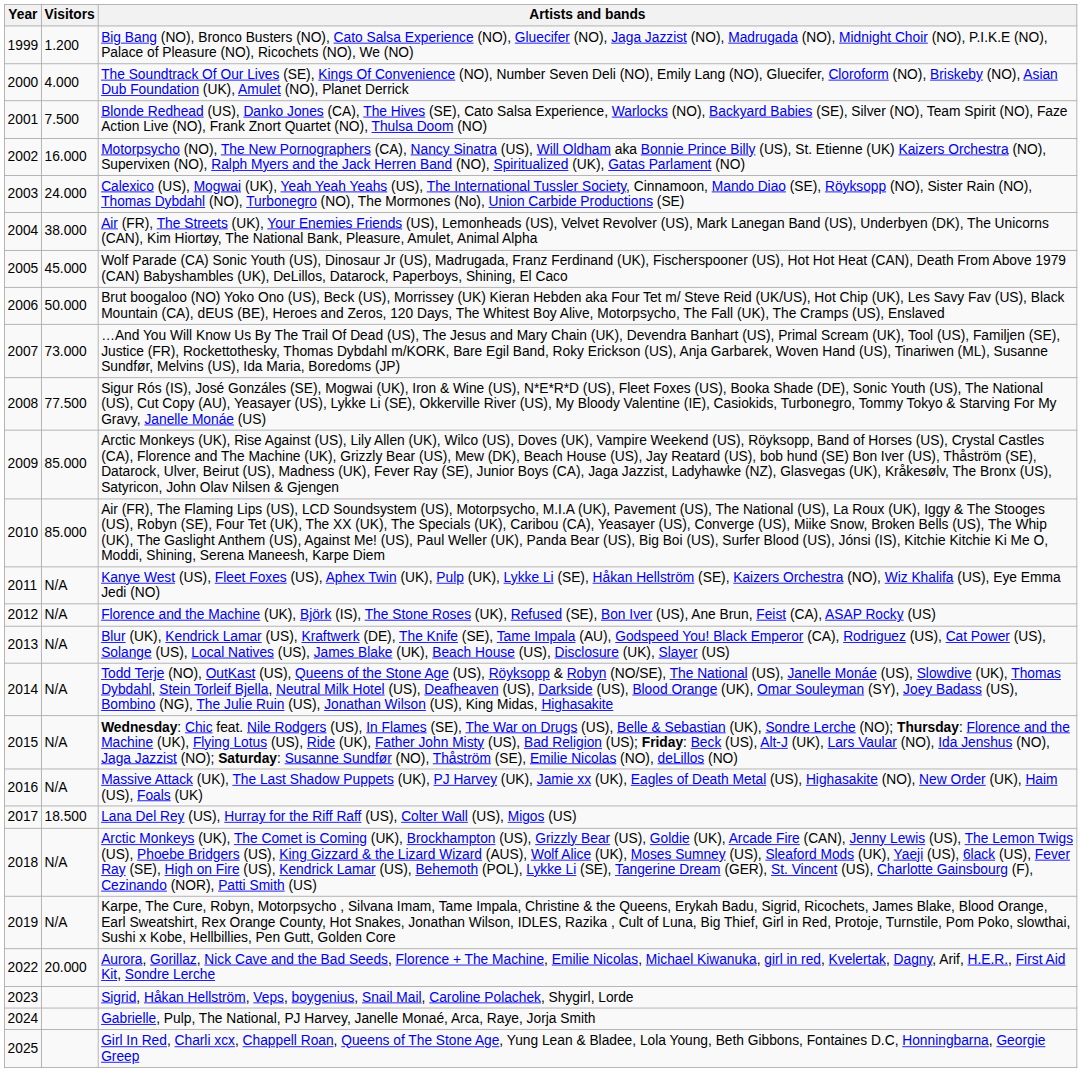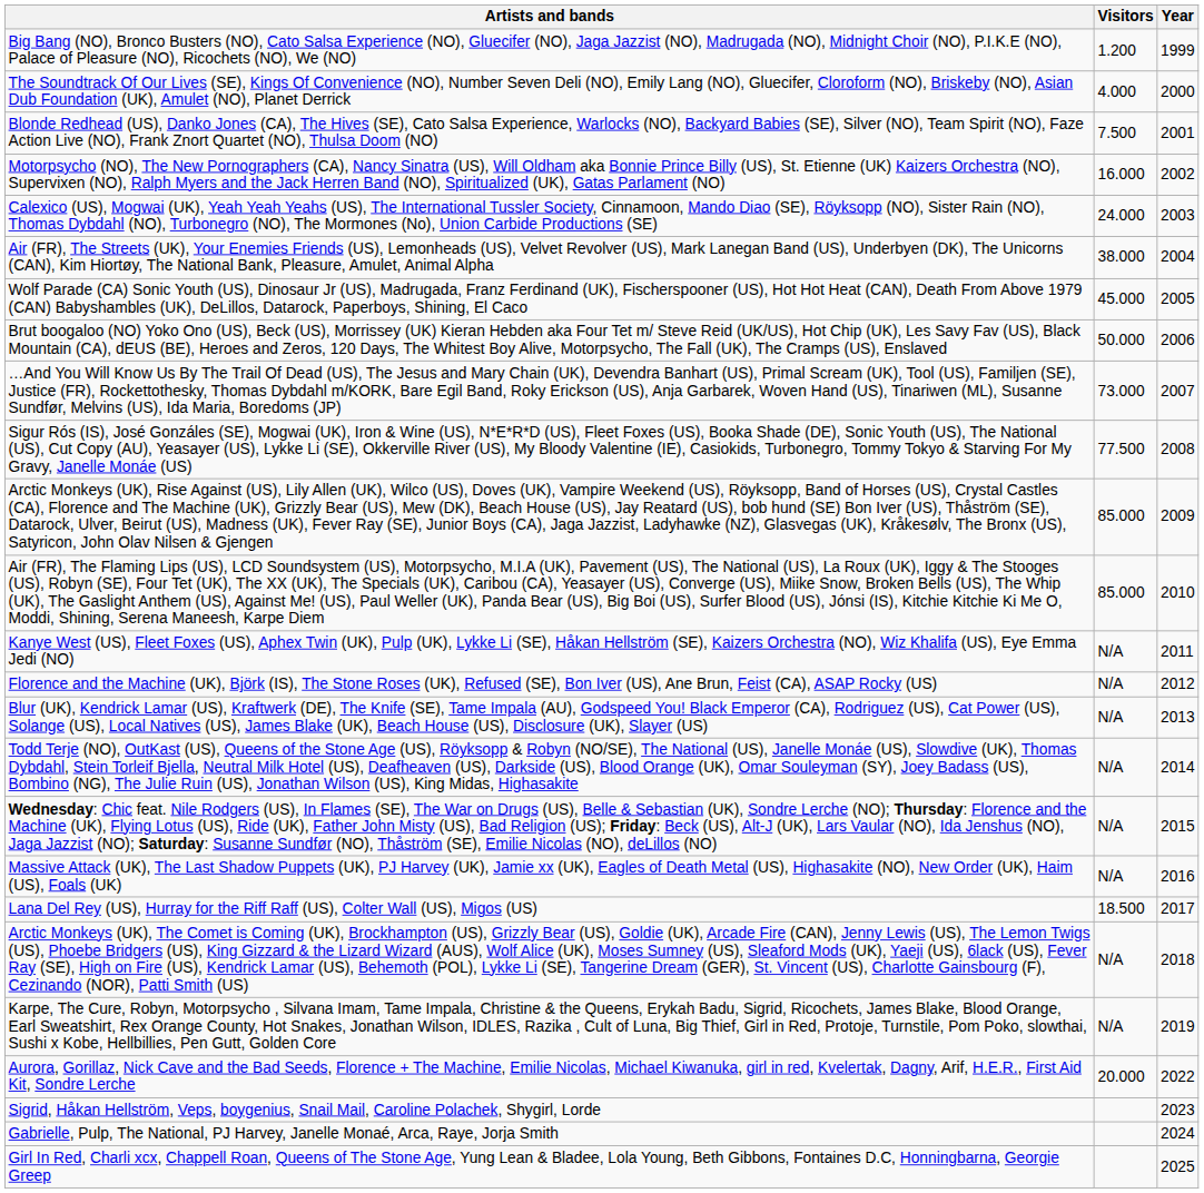 <table class="wikitable sortable">
 <tr>
+<th>Artists and bands</th>
+<th>Visitors</th>
 <th>Year</th>
-<th>Visitors</th>
-<th>Artists and bands</th>
 </tr>
 <tr>
+<td><a href='#'>Big Bang</a> (NO),  Bronco Busters (NO), <a href='#'>Cato Salsa Experience</a> (NO),  <a href='#'>Gluecifer</a> (NO), <a href='#'>Jaga Jazzist</a> (NO),  <a href='#'>Madrugada</a> (NO), <a href='#'>Midnight Choir</a> (NO), P.I.K.E (NO), Palace of Pleasure (NO), Ricochets  (NO), We (NO)</td>
+<td>1.200</td>
 <td>1999</td>
-<td>1.200</td>
-<td><a href='#'>Big Bang</a> (NO),  Bronco Busters (NO), <a href='#'>Cato Salsa Experience</a> (NO),  <a href='#'>Gluecifer</a> (NO), <a href='#'>Jaga Jazzist</a> (NO),  <a href='#'>Madrugada</a> (NO), <a href='#'>Midnight Choir</a> (NO), P.I.K.E (NO), Palace of Pleasure (NO), Ricochets  (NO), We (NO)</td>
 </tr>
 <tr>
+<td><a href='#'>The Soundtrack Of Our Lives</a>  (SE), <a href='#'>Kings Of Convenience</a> (NO), Number Seven Deli (NO), Emily Lang (NO), Gluecifer, <a href='#'>Cloroform</a> (NO), <a href='#'>Briskeby</a> (NO), <a href='#'>Asian Dub Foundation</a> (UK), <a href='#'>Amulet</a> (NO), Planet Derrick</td>
+<td>4.000</td>
 <td>2000</td>
-<td>4.000</td>
-<td><a href='#'>The Soundtrack Of Our Lives</a>  (SE), <a href='#'>Kings Of Convenience</a> (NO), Number Seven Deli (NO), Emily Lang (NO), Gluecifer, <a href='#'>Cloroform</a> (NO), <a href='#'>Briskeby</a> (NO), <a href='#'>Asian Dub Foundation</a> (UK), <a href='#'>Amulet</a> (NO), Planet Derrick</td>
 </tr>
 <tr>
+<td><a href='#'>Blonde Redhead</a> (US), <a href='#'>Danko Jones</a> (CA), <a href='#'>The Hives</a> (SE), Cato Salsa Experience, <a href='#'>Warlocks</a> (NO), <a href='#'>Backyard Babies</a> (SE), Silver (NO), Team Spirit (NO), Faze Action Live (NO), Frank Znort Quartet (NO), <a href='#'>Thulsa Doom</a> (NO)</td>
+<td>7.500</td>
 <td>2001</td>
-<td>7.500</td>
-<td><a href='#'>Blonde Redhead</a> (US), <a href='#'>Danko Jones</a> (CA), <a href='#'>The Hives</a> (SE), Cato Salsa Experience, <a href='#'>Warlocks</a> (NO), <a href='#'>Backyard Babies</a> (SE), Silver (NO), Team Spirit (NO), Faze Action Live (NO), Frank Znort Quartet (NO), <a href='#'>Thulsa Doom</a> (NO)</td>
 </tr>
 <tr>
+<td><a href='#'>Motorpsycho</a> (NO), <a href='#'>The New Pornographers</a> (CA), <a href='#'>Nancy Sinatra</a> (US), <a href='#'>Will Oldham</a> aka <a href='#'>Bonnie Prince Billy</a> (US), St. Etienne (UK) <a href='#'>Kaizers Orchestra</a> (NO), Supervixen (NO), <a href='#'>Ralph Myers and the Jack Herren Band</a> (NO), <a href='#'>Spiritualized</a> (UK), <a href='#'>Gatas Parlament</a> (NO)</td>
+<td>16.000</td>
 <td>2002</td>
-<td>16.000</td>
-<td><a href='#'>Motorpsycho</a> (NO), <a href='#'>The New Pornographers</a> (CA), <a href='#'>Nancy Sinatra</a> (US), <a href='#'>Will Oldham</a> aka <a href='#'>Bonnie Prince Billy</a> (US), St. Etienne (UK) <a href='#'>Kaizers Orchestra</a> (NO), Supervixen (NO), <a href='#'>Ralph Myers and the Jack Herren Band</a> (NO), <a href='#'>Spiritualized</a> (UK), <a href='#'>Gatas Parlament</a> (NO)</td>
 </tr>
 <tr>
+<td><a href='#'>Calexico</a> (US), <a href='#'>Mogwai</a> (UK), <a href='#'>Yeah Yeah Yeahs</a> (US), <a href='#'>The International Tussler Society</a>, Cinnamoon, <a href='#'>Mando Diao</a> (SE), <a href='#'>Röyksopp</a> (NO), Sister Rain (NO), <a href='#'>Thomas Dybdahl</a> (NO), <a href='#'>Turbonegro</a> (NO), The Mormones (No), <a href='#'>Union Carbide Productions</a> (SE)</td>
+<td>24.000</td>
 <td>2003</td>
-<td>24.000</td>
-<td><a href='#'>Calexico</a> (US), <a href='#'>Mogwai</a> (UK), <a href='#'>Yeah Yeah Yeahs</a> (US), <a href='#'>The International Tussler Society</a>, Cinnamoon, <a href='#'>Mando Diao</a> (SE), <a href='#'>Röyksopp</a> (NO), Sister Rain (NO), <a href='#'>Thomas Dybdahl</a> (NO), <a href='#'>Turbonegro</a> (NO), The Mormones (No), <a href='#'>Union Carbide Productions</a> (SE)</td>
 </tr>
 <tr>
+<td><a href='#'>Air</a> (FR), <a href='#'>The Streets</a> (UK), <a href='#'>Your Enemies Friends</a> (US), Lemonheads (US), Velvet Revolver (US), Mark Lanegan Band (US), Underbyen (DK), The Unicorns (CAN), Kim Hiortøy, The National Bank, Pleasure, Amulet, Animal Alpha</td>
+<td>38.000</td>
 <td>2004</td>
-<td>38.000</td>
-<td><a href='#'>Air</a> (FR), <a href='#'>The Streets</a> (UK), <a href='#'>Your Enemies Friends</a> (US), Lemonheads (US), Velvet Revolver (US), Mark Lanegan Band (US), Underbyen (DK), The Unicorns (CAN), Kim Hiortøy, The National Bank, Pleasure, Amulet, Animal Alpha</td>
 </tr>
 <tr>
+<td>Wolf Parade (CA) Sonic Youth (US), Dinosaur Jr (US), Madrugada, Franz Ferdinand (UK), Fischerspooner (US), Hot Hot Heat (CAN), Death From Above 1979 (CAN) Babyshambles (UK), DeLillos, Datarock, Paperboys, Shining, El Caco</td>
+<td>45.000</td>
 <td>2005</td>
-<td>45.000</td>
-<td>Wolf Parade (CA) Sonic Youth (US), Dinosaur Jr (US), Madrugada, Franz Ferdinand (UK), Fischerspooner (US), Hot Hot Heat (CAN), Death From Above 1979 (CAN) Babyshambles (UK), DeLillos, Datarock, Paperboys, Shining, El Caco</td>
 </tr>
 <tr>
+<td>Brut boogaloo (NO)  Yoko Ono (US), Beck (US), Morrissey (UK) Kieran Hebden aka Four Tet m/ Steve Reid (UK/US), Hot Chip (UK), Les Savy Fav (US), Black Mountain (CA), dEUS (BE), Heroes and Zeros, 120 Days, The Whitest Boy Alive, Motorpsycho, The Fall (UK), The Cramps (US), Enslaved</td>
+<td>50.000</td>
 <td>2006</td>
-<td>50.000</td>
-<td>Brut boogaloo (NO)  Yoko Ono (US), Beck (US), Morrissey (UK) Kieran Hebden aka Four Tet m/ Steve Reid (UK/US), Hot Chip (UK), Les Savy Fav (US), Black Mountain (CA), dEUS (BE), Heroes and Zeros, 120 Days, The Whitest Boy Alive, Motorpsycho, The Fall (UK), The Cramps (US), Enslaved</td>
 </tr>
 <tr>
+<td>…And You Will Know Us By The Trail Of Dead (US), The Jesus and Mary Chain (UK), Devendra Banhart (US), Primal Scream (UK), Tool (US), Familjen (SE), Justice (FR), Rockettothesky, Thomas Dybdahl m/KORK, Bare Egil Band, Roky Erickson (US), Anja Garbarek, Woven Hand (US), Tinariwen (ML), Susanne Sundfør, Melvins (US), Ida Maria, Boredoms (JP)</td>
+<td>73.000</td>
 <td>2007</td>
-<td>73.000</td>
-<td>…And You Will Know Us By The Trail Of Dead (US), The Jesus and Mary Chain (UK), Devendra Banhart (US), Primal Scream (UK), Tool (US), Familjen (SE), Justice (FR), Rockettothesky, Thomas Dybdahl m/KORK, Bare Egil Band, Roky Erickson (US), Anja Garbarek, Woven Hand (US), Tinariwen (ML), Susanne Sundfør, Melvins (US), Ida Maria, Boredoms (JP)</td>
 </tr>
 <tr>
+<td>Sigur Rós (IS), José Gonzáles (SE), Mogwai (UK), Iron & Wine (US), N*E*R*D (US), Fleet Foxes (US), Booka Shade (DE), Sonic Youth (US), The National (US), Cut Copy (AU), Yeasayer (US), Lykke Li (SE), Okkerville River (US), My Bloody Valentine (IE), Casiokids, Turbonegro, Tommy Tokyo & Starving For My Gravy, <a href='#'>Janelle Monáe</a> (US)</td>
+<td>77.500</td>
 <td>2008</td>
-<td>77.500</td>
-<td>Sigur Rós (IS), José Gonzáles (SE), Mogwai (UK), Iron & Wine (US), N*E*R*D (US), Fleet Foxes (US), Booka Shade (DE), Sonic Youth (US), The National (US), Cut Copy (AU), Yeasayer (US), Lykke Li (SE), Okkerville River (US), My Bloody Valentine (IE), Casiokids, Turbonegro, Tommy Tokyo & Starving For My Gravy, <a href='#'>Janelle Monáe</a> (US)</td>
 </tr>
 <tr>
+<td>Arctic Monkeys (UK), Rise Against (US), Lily Allen (UK), Wilco (US), Doves (UK), Vampire Weekend (US), Röyksopp, Band of Horses (US), Crystal Castles (CA), Florence and The Machine (UK), Grizzly Bear (US), Mew (DK), Beach House (US), Jay Reatard (US), bob hund (SE) Bon Iver (US), Thåström (SE), Datarock, Ulver, Beirut (US), Madness (UK), Fever Ray (SE), Junior Boys (CA), Jaga Jazzist, Ladyhawke (NZ), Glasvegas (UK), Kråkesølv, The Bronx (US), Satyricon, John Olav Nilsen & Gjengen</td>
+<td>85.000</td>
 <td>2009</td>
-<td>85.000</td>
-<td>Arctic Monkeys (UK), Rise Against (US), Lily Allen (UK), Wilco (US), Doves (UK), Vampire Weekend (US), Röyksopp, Band of Horses (US), Crystal Castles (CA), Florence and The Machine (UK), Grizzly Bear (US), Mew (DK), Beach House (US), Jay Reatard (US), bob hund (SE) Bon Iver (US), Thåström (SE), Datarock, Ulver, Beirut (US), Madness (UK), Fever Ray (SE), Junior Boys (CA), Jaga Jazzist, Ladyhawke (NZ), Glasvegas (UK), Kråkesølv, The Bronx (US), Satyricon, John Olav Nilsen & Gjengen</td>
 </tr>
 <tr>
+<td>Air (FR), The Flaming Lips (US), LCD Soundsystem (US), Motorpsycho, M.I.A (UK), Pavement (US), The National (US), La Roux (UK), Iggy & The Stooges (US), Robyn (SE), Four Tet (UK), The XX (UK), The Specials (UK), Caribou (CA), Yeasayer (US), Converge (US), Miike Snow, Broken Bells (US), The Whip (UK), The Gaslight Anthem (US), Against Me! (US), Paul Weller (UK), Panda Bear (US), Big Boi (US), Surfer Blood (US), Jónsi (IS), Kitchie Kitchie Ki Me O, Moddi, Shining, Serena Maneesh, Karpe Diem</td>
+<td>85.000</td>
 <td>2010</td>
-<td>85.000</td>
-<td>Air (FR), The Flaming Lips (US), LCD Soundsystem (US), Motorpsycho, M.I.A (UK), Pavement (US), The National (US), La Roux (UK), Iggy & The Stooges (US), Robyn (SE), Four Tet (UK), The XX (UK), The Specials (UK), Caribou (CA), Yeasayer (US), Converge (US), Miike Snow, Broken Bells (US), The Whip (UK), The Gaslight Anthem (US), Against Me! (US), Paul Weller (UK), Panda Bear (US), Big Boi (US), Surfer Blood (US), Jónsi (IS), Kitchie Kitchie Ki Me O, Moddi, Shining, Serena Maneesh, Karpe Diem</td>
 </tr>
 <tr>
+<td><a href='#'>Kanye West</a> (US), <a href='#'>Fleet Foxes</a> (US), <a href='#'>Aphex Twin</a> (UK), <a href='#'>Pulp</a> (UK), <a href='#'>Lykke Li</a> (SE), <a href='#'>Håkan Hellström</a> (SE), <a href='#'>Kaizers Orchestra</a> (NO), <a href='#'>Wiz Khalifa</a> (US), Eye Emma Jedi (NO)</td>
+<td>N/A</td>
 <td>2011</td>
-<td>N/A</td>
-<td><a href='#'>Kanye West</a> (US), <a href='#'>Fleet Foxes</a> (US), <a href='#'>Aphex Twin</a> (UK), <a href='#'>Pulp</a> (UK), <a href='#'>Lykke Li</a> (SE), <a href='#'>Håkan Hellström</a> (SE), <a href='#'>Kaizers Orchestra</a> (NO), <a href='#'>Wiz Khalifa</a> (US), Eye Emma Jedi (NO)</td>
 </tr>
 <tr>
+<td><a href='#'>Florence and the Machine</a> (UK), <a href='#'>Björk</a> (IS), <a href='#'>The Stone Roses</a> (UK), <a href='#'>Refused</a> (SE), <a href='#'>Bon Iver</a> (US), Ane Brun, <a href='#'>Feist</a> (CA), <a href='#'>ASAP Rocky</a> (US)</td>
+<td>N/A</td>
 <td>2012</td>
-<td>N/A</td>
-<td><a href='#'>Florence and the Machine</a> (UK), <a href='#'>Björk</a> (IS), <a href='#'>The Stone Roses</a> (UK), <a href='#'>Refused</a> (SE), <a href='#'>Bon Iver</a> (US), Ane Brun, <a href='#'>Feist</a> (CA), <a href='#'>ASAP Rocky</a> (US)</td>
 </tr>
 <tr>
+<td><a href='#'>Blur</a> (UK), <a href='#'>Kendrick Lamar</a> (US), <a href='#'>Kraftwerk</a> (DE), <a href='#'>The Knife</a> (SE), <a href='#'>Tame Impala</a> (AU), <a href='#'>Godspeed You! Black Emperor</a> (CA), <a href='#'>Rodriguez</a> (US), <a href='#'>Cat Power</a> (US), <a href='#'>Solange</a> (US), <a href='#'>Local Natives</a> (US), <a href='#'>James Blake</a> (UK), <a href='#'>Beach House</a> (US), <a href='#'>Disclosure</a> (UK), <a href='#'>Slayer</a> (US)</td>
+<td>N/A</td>
 <td>2013</td>
-<td>N/A</td>
-<td><a href='#'>Blur</a> (UK), <a href='#'>Kendrick Lamar</a> (US), <a href='#'>Kraftwerk</a> (DE), <a href='#'>The Knife</a> (SE), <a href='#'>Tame Impala</a> (AU), <a href='#'>Godspeed You! Black Emperor</a> (CA), <a href='#'>Rodriguez</a> (US), <a href='#'>Cat Power</a> (US), <a href='#'>Solange</a> (US), <a href='#'>Local Natives</a> (US), <a href='#'>James Blake</a> (UK), <a href='#'>Beach House</a> (US), <a href='#'>Disclosure</a> (UK), <a href='#'>Slayer</a> (US)</td>
 </tr>
 <tr>
+<td><a href='#'>Todd Terje</a> (NO), <a href='#'>OutKast</a> (US), <a href='#'>Queens of the Stone Age</a> (US), <a href='#'>Röyksopp</a> & <a href='#'>Robyn</a> (NO/SE), <a href='#'>The National</a> (US), <a href='#'>Janelle Monáe</a> (US), <a href='#'>Slowdive</a> (UK), <a href='#'>Thomas Dybdahl</a>, <a href='#'>Stein Torleif Bjella</a>, <a href='#'>Neutral Milk Hotel</a> (US), <a href='#'>Deafheaven</a> (US), <a href='#'>Darkside</a> (US), <a href='#'>Blood Orange</a> (UK), <a href='#'>Omar Souleyman</a> (SY), <a href='#'>Joey Badass</a> (US), <a href='#'>Bombino</a> (NG), <a href='#'>The Julie Ruin</a> (US), <a href='#'>Jonathan Wilson</a> (US), King Midas, <a href='#'>Highasakite</a></td>
+<td>N/A</td>
 <td>2014</td>
-<td>N/A</td>
-<td><a href='#'>Todd Terje</a> (NO), <a href='#'>OutKast</a> (US), <a href='#'>Queens of the Stone Age</a> (US), <a href='#'>Röyksopp</a> & <a href='#'>Robyn</a> (NO/SE), <a href='#'>The National</a> (US), <a href='#'>Janelle Monáe</a> (US), <a href='#'>Slowdive</a> (UK), <a href='#'>Thomas Dybdahl</a>, <a href='#'>Stein Torleif Bjella</a>, <a href='#'>Neutral Milk Hotel</a> (US), <a href='#'>Deafheaven</a> (US), <a href='#'>Darkside</a> (US), <a href='#'>Blood Orange</a> (UK), <a href='#'>Omar Souleyman</a> (SY), <a href='#'>Joey Badass</a> (US), <a href='#'>Bombino</a> (NG), <a href='#'>The Julie Ruin</a> (US), <a href='#'>Jonathan Wilson</a> (US), King Midas, <a href='#'>Highasakite</a></td>
 </tr>
 <tr>
+<td><strong>Wednesday</strong>: <a href='#'>Chic</a> feat. <a href='#'>Nile Rodgers</a> (US), <a href='#'>In Flames</a> (SE), <a href='#'>The War on Drugs</a> (US), <a href='#'>Belle & Sebastian</a> (UK), <a href='#'>Sondre Lerche</a> (NO); <strong>Thursday</strong>: <a href='#'>Florence and the Machine</a> (UK), <a href='#'>Flying Lotus</a> (US), <a href='#'>Ride</a> (UK), <a href='#'>Father John Misty</a> (US), <a href='#'>Bad Religion</a> (US); <strong>Friday</strong>: <a href='#'>Beck</a> (US), <a href='#'>Alt-J</a> (UK), <a href='#'>Lars Vaular</a> (NO), <a href='#'>Ida Jenshus</a> (NO), <a href='#'>Jaga Jazzist</a> (NO); <strong>Saturday</strong>: <a href='#'>Susanne Sundfør</a> (NO), <a href='#'>Thåström</a> (SE), <a href='#'>Emilie Nicolas</a> (NO), <a href='#'>deLillos</a> (NO)</td>
+<td>N/A</td>
 <td>2015</td>
-<td>N/A</td>
-<td><strong>Wednesday</strong>: <a href='#'>Chic</a> feat. <a href='#'>Nile Rodgers</a> (US), <a href='#'>In Flames</a> (SE), <a href='#'>The War on Drugs</a> (US), <a href='#'>Belle & Sebastian</a> (UK), <a href='#'>Sondre Lerche</a> (NO); <strong>Thursday</strong>: <a href='#'>Florence and the Machine</a> (UK), <a href='#'>Flying Lotus</a> (US), <a href='#'>Ride</a> (UK), <a href='#'>Father John Misty</a> (US), <a href='#'>Bad Religion</a> (US); <strong>Friday</strong>: <a href='#'>Beck</a> (US), <a href='#'>Alt-J</a> (UK), <a href='#'>Lars Vaular</a> (NO), <a href='#'>Ida Jenshus</a> (NO), <a href='#'>Jaga Jazzist</a> (NO); <strong>Saturday</strong>: <a href='#'>Susanne Sundfør</a> (NO), <a href='#'>Thåström</a> (SE), <a href='#'>Emilie Nicolas</a> (NO), <a href='#'>deLillos</a> (NO)</td>
 </tr>
 <tr>
+<td><a href='#'>Massive Attack</a> (UK), <a href='#'>The Last Shadow Puppets</a> (UK), <a href='#'>PJ Harvey</a> (UK), <a href='#'>Jamie xx</a> (UK), <a href='#'>Eagles of Death Metal</a> (US), <a href='#'>Highasakite</a> (NO), <a href='#'>New Order</a> (UK), <a href='#'>Haim</a> (US), <a href='#'>Foals</a> (UK)</td>
+<td>N/A</td>
 <td>2016</td>
-<td>N/A</td>
-<td><a href='#'>Massive Attack</a> (UK), <a href='#'>The Last Shadow Puppets</a> (UK), <a href='#'>PJ Harvey</a> (UK), <a href='#'>Jamie xx</a> (UK), <a href='#'>Eagles of Death Metal</a> (US), <a href='#'>Highasakite</a> (NO), <a href='#'>New Order</a> (UK), <a href='#'>Haim</a> (US), <a href='#'>Foals</a> (UK)</td>
 </tr>
 <tr>
+<td><a href='#'>Lana Del Rey</a> (US), <a href='#'>Hurray for the Riff Raff</a> (US), <a href='#'>Colter Wall</a> (US), <a href='#'>Migos</a> (US)</td>
+<td>18.500</td>
 <td>2017</td>
-<td>18.500</td>
-<td><a href='#'>Lana Del Rey</a> (US), <a href='#'>Hurray for the Riff Raff</a> (US), <a href='#'>Colter Wall</a> (US), <a href='#'>Migos</a> (US)</td>
 </tr>
 <tr>
+<td><a href='#'>Arctic Monkeys</a> (UK), <a href='#'>The Comet is Coming</a> (UK), <a href='#'>Brockhampton</a> (US), <a href='#'>Grizzly Bear</a> (US), <a href='#'>Goldie</a> (UK), <a href='#'>Arcade Fire</a> (CAN), <a href='#'>Jenny Lewis</a> (US), <a href='#'>The Lemon Twigs</a> (US), <a href='#'>Phoebe Bridgers</a> (US), <a href='#'>King Gizzard & the Lizard Wizard</a> (AUS), <a href='#'>Wolf Alice</a> (UK), <a href='#'>Moses Sumney</a> (US), <a href='#'>Sleaford Mods</a> (UK), <a href='#'>Yaeji</a> (US), <a href='#'>6lack</a> (US), <a href='#'>Fever Ray</a> (SE), <a href='#'>High on Fire</a> (US), <a href='#'>Kendrick Lamar</a> (US), <a href='#'>Behemoth</a> (POL), <a href='#'>Lykke Li</a> (SE), <a href='#'>Tangerine Dream</a> (GER), <a href='#'>St. Vincent</a> (US), <a href='#'>Charlotte Gainsbourg</a> (F), <a href='#'>Cezinando</a> (NOR), <a href='#'>Patti Smith</a> (US)</td>
+<td>N/A</td>
 <td>2018</td>
-<td>N/A</td>
-<td><a href='#'>Arctic Monkeys</a> (UK), <a href='#'>The Comet is Coming</a> (UK), <a href='#'>Brockhampton</a> (US), <a href='#'>Grizzly Bear</a> (US), <a href='#'>Goldie</a> (UK), <a href='#'>Arcade Fire</a> (CAN), <a href='#'>Jenny Lewis</a> (US), <a href='#'>The Lemon Twigs</a> (US), <a href='#'>Phoebe Bridgers</a> (US), <a href='#'>King Gizzard & the Lizard Wizard</a> (AUS), <a href='#'>Wolf Alice</a> (UK), <a href='#'>Moses Sumney</a> (US), <a href='#'>Sleaford Mods</a> (UK), <a href='#'>Yaeji</a> (US), <a href='#'>6lack</a> (US), <a href='#'>Fever Ray</a> (SE), <a href='#'>High on Fire</a> (US), <a href='#'>Kendrick Lamar</a> (US), <a href='#'>Behemoth</a> (POL), <a href='#'>Lykke Li</a> (SE), <a href='#'>Tangerine Dream</a> (GER), <a href='#'>St. Vincent</a> (US), <a href='#'>Charlotte Gainsbourg</a> (F), <a href='#'>Cezinando</a> (NOR), <a href='#'>Patti Smith</a> (US)</td>
 </tr>
 <tr>
+<td>Karpe, The Cure, Robyn, Motorpsycho , Silvana Imam, Tame Impala, Christine & the Queens, Erykah Badu, Sigrid, Ricochets, James Blake, Blood Orange, Earl Sweatshirt, Rex Orange County, Hot Snakes, Jonathan Wilson, IDLES, Razika , Cult of Luna, Big Thief, Girl in Red, Protoje, Turnstile, Pom Poko, slowthai, Sushi x Kobe, Hellbillies, Pen Gutt, Golden Core</td>
+<td>N/A</td>
 <td>2019</td>
-<td>N/A</td>
-<td>Karpe, The Cure, Robyn, Motorpsycho , Silvana Imam, Tame Impala, Christine & the Queens, Erykah Badu, Sigrid, Ricochets, James Blake, Blood Orange, Earl Sweatshirt, Rex Orange County, Hot Snakes, Jonathan Wilson, IDLES, Razika , Cult of Luna, Big Thief, Girl in Red, Protoje, Turnstile, Pom Poko, slowthai, Sushi x Kobe, Hellbillies, Pen Gutt, Golden Core</td>
 </tr>
 <tr>
+<td><a href='#'>Aurora</a>, <a href='#'>Gorillaz</a>, <a href='#'>Nick Cave and the Bad Seeds</a>, <a href='#'>Florence + The Machine</a>, <a href='#'>Emilie Nicolas</a>, <a href='#'>Michael Kiwanuka</a>, <a href='#'>girl in red</a>, <a href='#'>Kvelertak</a>, <a href='#'>Dagny</a>, Arif, <a href='#'>H.E.R.</a>, <a href='#'>First Aid Kit</a>, <a href='#'>Sondre Lerche</a></td>
+<td>20.000</td>
 <td>2022</td>
-<td>20.000</td>
-<td><a href='#'>Aurora</a>, <a href='#'>Gorillaz</a>, <a href='#'>Nick Cave and the Bad Seeds</a>, <a href='#'>Florence + The Machine</a>, <a href='#'>Emilie Nicolas</a>, <a href='#'>Michael Kiwanuka</a>, <a href='#'>girl in red</a>, <a href='#'>Kvelertak</a>, <a href='#'>Dagny</a>, Arif, <a href='#'>H.E.R.</a>, <a href='#'>First Aid Kit</a>, <a href='#'>Sondre Lerche</a></td>
 </tr>
 <tr>
+<td><a href='#'>Sigrid</a>, <a href='#'>Håkan Hellström</a>, <a href='#'>Veps</a>, <a href='#'>boygenius</a>, <a href='#'>Snail Mail</a>,  <a href='#'>Caroline Polachek</a>, Shygirl, Lorde</td>
+<td></td>
 <td>2023</td>
-<td></td>
-<td><a href='#'>Sigrid</a>, <a href='#'>Håkan Hellström</a>, <a href='#'>Veps</a>, <a href='#'>boygenius</a>, <a href='#'>Snail Mail</a>,  <a href='#'>Caroline Polachek</a>, Shygirl, Lorde</td>
 </tr>
 <tr>
+<td><a href='#'>Gabrielle</a>, Pulp, The National, PJ Harvey, Janelle Monaé, Arca, Raye, Jorja Smith</td>
+<td></td>
 <td>2024</td>
-<td></td>
-<td><a href='#'>Gabrielle</a>, Pulp, The National, PJ Harvey, Janelle Monaé, Arca, Raye, Jorja Smith</td>
 </tr>
 <tr>
+<td><a href='#'>Girl In Red</a>, <a href='#'>Charli xcx</a>, <a href='#'>Chappell Roan</a>, <a href='#'>Queens of The Stone Age</a>, Yung Lean & Bladee, Lola Young, Beth Gibbons, Fontaines D.C, <a href='#'>Honningbarna</a>, <a href='#'>Georgie Greep</a></td>
+<td></td>
 <td>2025</td>
-<td></td>
-<td><a href='#'>Girl In Red</a>, <a href='#'>Charli xcx</a>, <a href='#'>Chappell Roan</a>, <a href='#'>Queens of The Stone Age</a>, Yung Lean & Bladee, Lola Young, Beth Gibbons, Fontaines D.C, <a href='#'>Honningbarna</a>, <a href='#'>Georgie Greep</a></td>
 </tr>
 </table>
